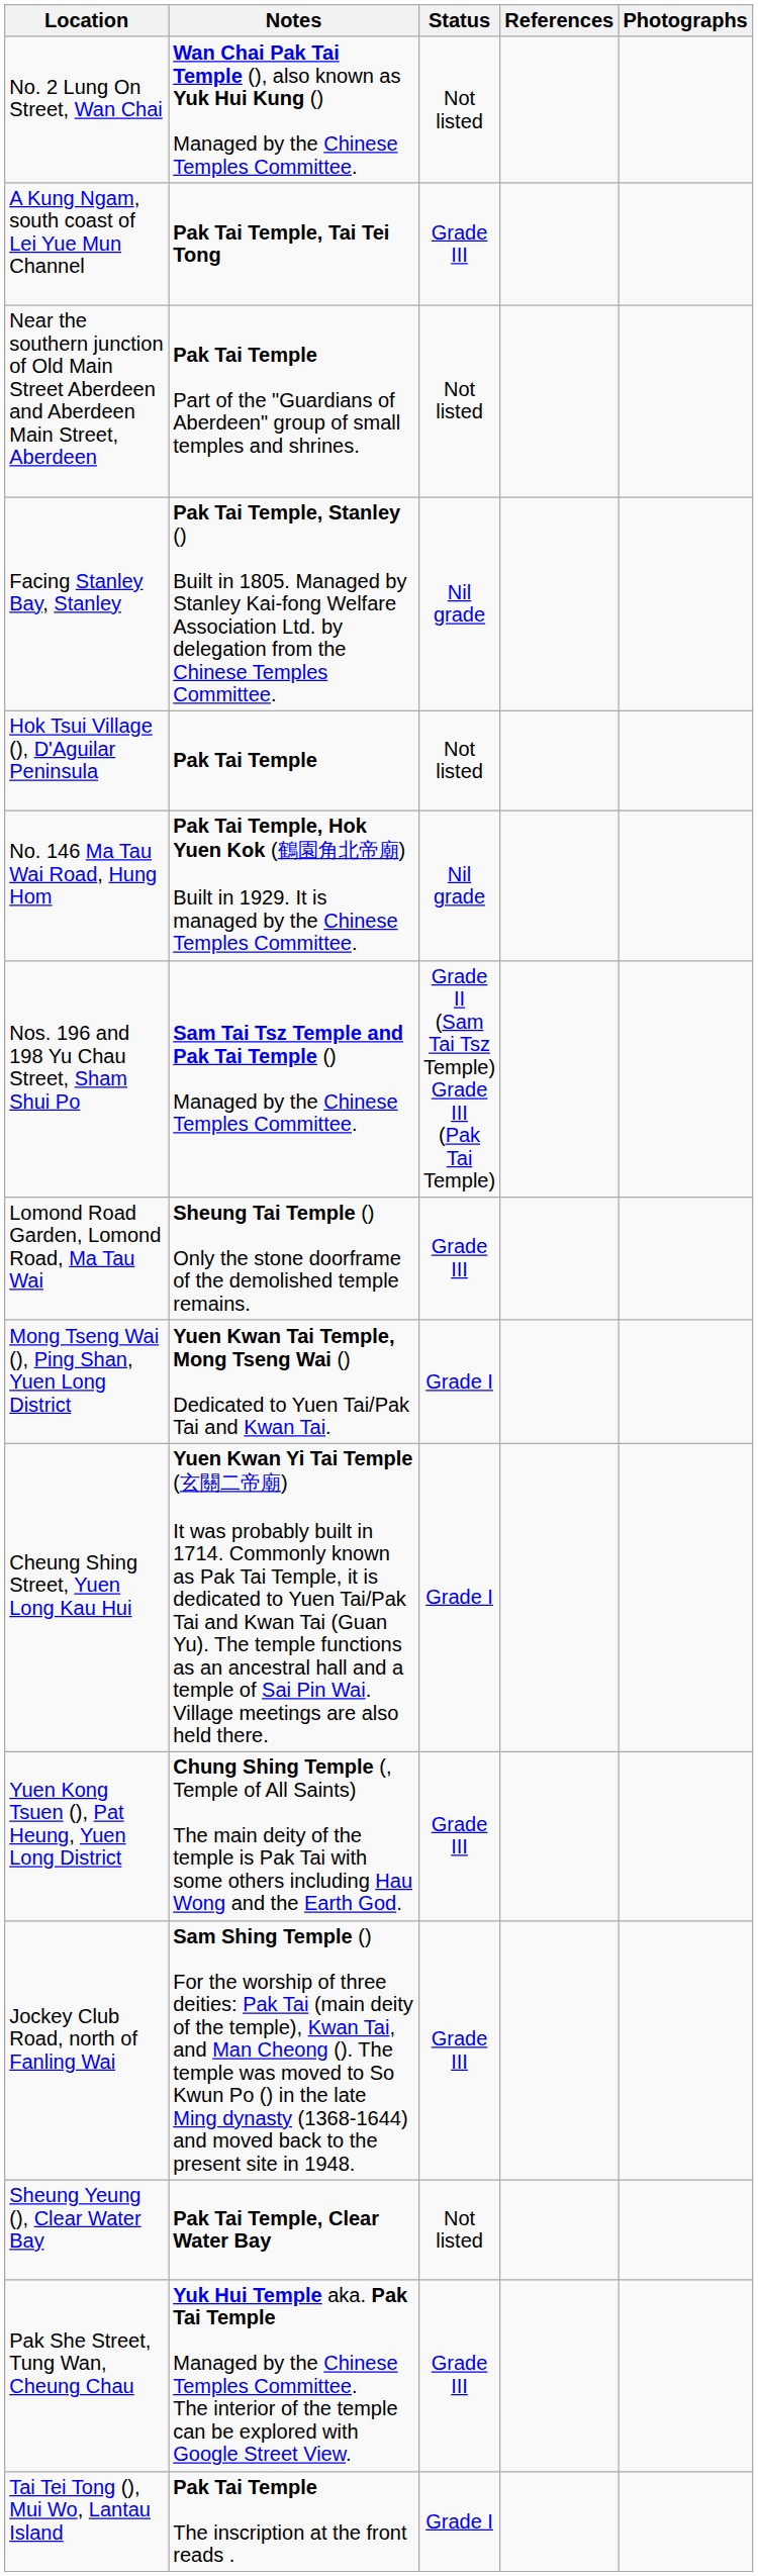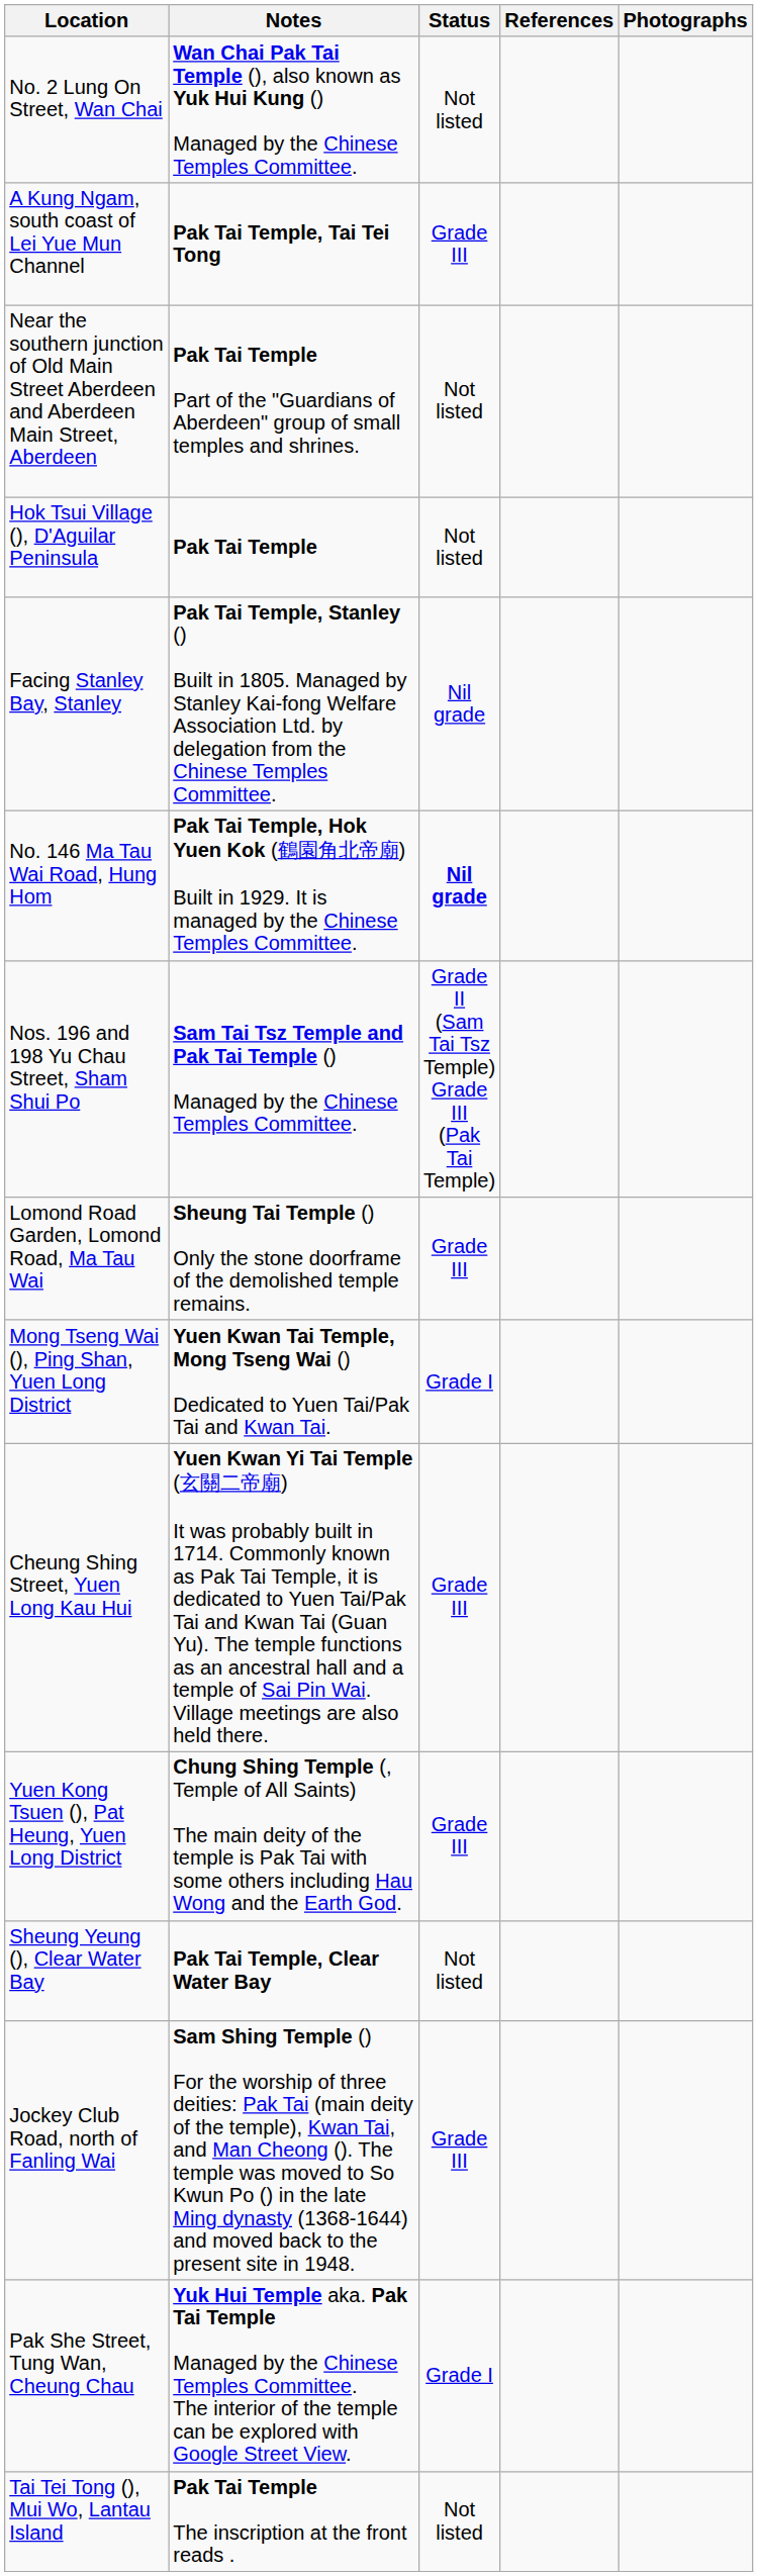 <table class="wikitable sortable" style="width:95%">
 <tr>
 <th width="25%">Location</th>
 <th width="40%">Notes</th>
 <th width="10%">Status</th>
 <th width="10%">References</th>
 <th width="15%">Photographs</th>
 </tr>
 <tr>
 <td>No. 2 Lung On Street, <a href='#'>Wan Chai</a><br><br></td>
 <td><strong><a href='#'>Wan Chai Pak Tai Temple</a></strong> (), also known as <strong>Yuk Hui Kung</strong> ()<br><br>Managed by the <a href='#'>Chinese Temples Committee</a>.</td>
 <td style="text-align:center">Not listed</td>
 <td>  </td>
 <td></td>
 </tr>
 <tr>
 <td><a href='#'>A Kung Ngam</a>, south coast of <a href='#'>Lei Yue Mun</a> Channel<br><br></td>
 <td><strong>Pak Tai Temple, Tai Tei Tong</strong></td>
 <td style="text-align:center"><a href='#'>Grade III</a></td>
 <td>   </td>
 <td></td>
 </tr>
 <tr>
 <td>Near the southern junction of Old Main Street Aberdeen and Aberdeen Main Street, <a href='#'>Aberdeen</a><br><br></td>
 <td><strong>Pak Tai Temple</strong><br><br>Part of the "Guardians of Aberdeen" group of small temples and shrines.</td>
 <td style="text-align:center">Not listed</td>
 <td> </td>
 <td></td>
 </tr>
 <tr>
+<td><a href='#'>Hok Tsui Village</a> (), <a href='#'>D'Aguilar Peninsula</a><br><br></td>
+<td><strong>Pak Tai Temple</strong></td>
+<td style="text-align:center">Not listed</td>
+<td></td>
+<td></td>
+</tr>
+<tr>
 <td>Facing <a href='#'>Stanley Bay</a>, <a href='#'>Stanley</a><br><br></td>
 <td><strong>Pak Tai Temple, Stanley</strong> ()<br><br>Built in 1805. Managed by Stanley Kai-fong Welfare Association Ltd. by delegation from the <a href='#'>Chinese Temples Committee</a>.</td>
 <td style="text-align:center"><a href='#'>Nil grade</a></td>
 <td>      </td>
 <td></td>
 </tr>
 <tr>
-<td><a href='#'>Hok Tsui Village</a> (), <a href='#'>D'Aguilar Peninsula</a><br><br></td>
-<td><strong>Pak Tai Temple</strong></td>
-<td style="text-align:center">Not listed</td>
-<td></td>
-<td></td>
-</tr>
-<tr>
 <td>No. 146 <a href='#'>Ma Tau Wai Road</a>, <a href='#'>Hung Hom</a><br><br></td>
 <td><strong>Pak Tai Temple, Hok Yuen Kok</strong> (<a href='#'>鶴園角北帝廟</a>)<br><br>Built in 1929. It is managed by the <a href='#'>Chinese Temples Committee</a>.</td>
-<td style="text-align:center"><a href='#'>Nil grade</a></td>
+<td style="text-align:center"><strong><a href='#'>Nil grade</a></strong></td>
 <td>  </td>
 <td></td>
 </tr>
 <tr>
 <td>Nos. 196 and 198 Yu Chau Street, <a href='#'>Sham Shui Po</a><br><br></td>
 <td><strong><a href='#'>Sam Tai Tsz Temple and Pak Tai Temple</a></strong> ()<br><br>Managed by the <a href='#'>Chinese Temples Committee</a>.</td>
 <td style="text-align:center"><a href='#'>Grade II</a><br>(<a href='#'>Sam Tai Tsz</a> Temple)<br><a href='#'>Grade III</a><br>(<a href='#'>Pak Tai</a> Temple)</td>
 <td>     </td>
 <td></td>
 </tr>
 <tr>
 <td>Lomond Road Garden, Lomond Road, <a href='#'>Ma Tau Wai</a><br><br></td>
 <td><strong>Sheung Tai Temple</strong> ()<br><br>Only the stone doorframe of the demolished temple remains.</td>
 <td style="text-align:center"><a href='#'>Grade III</a></td>
 <td>  </td>
 <td></td>
 </tr>
 <tr>
 <td><a href='#'>Mong Tseng Wai</a> (), <a href='#'>Ping Shan</a>, <a href='#'>Yuen Long District</a><br><br></td>
 <td><strong>Yuen Kwan Tai Temple, Mong Tseng Wai</strong> ()<br><br>Dedicated to Yuen Tai/Pak Tai and <a href='#'>Kwan Tai</a>.</td>
 <td style="text-align:center"><a href='#'>Grade I</a></td>
 <td>  </td>
 <td></td>
 </tr>
 <tr>
 <td>Cheung Shing Street, <a href='#'>Yuen Long Kau Hui</a><br><br></td>
 <td><strong>Yuen Kwan Yi Tai Temple</strong> (<a href='#'>玄關二帝廟</a>)<br><br>It was probably built in 1714. Commonly known as Pak Tai Temple, it is dedicated to Yuen Tai/Pak Tai and Kwan Tai (Guan Yu). The temple functions as an ancestral hall and a temple of <a href='#'>Sai Pin Wai</a>. Village meetings are also held there.</td>
-<td style="text-align:center"><a href='#'>Grade I</a></td>
+<td style="text-align:center"><a href='#'>Grade III</a></td>
 <td> </td>
 <td></td>
 </tr>
 <tr>
 <td><a href='#'>Yuen Kong Tsuen</a> (), <a href='#'>Pat Heung</a>, <a href='#'>Yuen Long District</a><br><br></td>
 <td><strong>Chung Shing Temple</strong> (, Temple of All Saints)<br><br>The main deity of the temple is Pak Tai with some others including <a href='#'>Hau Wong</a> and the <a href='#'>Earth God</a>.</td>
 <td style="text-align:center"><a href='#'>Grade III</a></td>
 <td>  </td>
 <td></td>
 </tr>
 <tr>
+<td><a href='#'>Sheung Yeung</a> (), <a href='#'>Clear Water Bay</a><br><br></td>
+<td><strong>Pak Tai Temple, Clear Water Bay</strong></td>
+<td style="text-align:center">Not listed</td>
+<td></td>
+<td></td>
+</tr>
+<tr>
 <td>Jockey Club Road, north of <a href='#'>Fanling Wai</a><br><br></td>
 <td><strong>Sam Shing Temple</strong> ()<br><br>For the worship of three deities: <a href='#'>Pak Tai</a> (main deity of the temple), <a href='#'>Kwan Tai</a>, and <a href='#'>Man Cheong</a> (). The temple was moved to So Kwun Po () in the late <a href='#'>Ming dynasty</a> (1368-1644) and moved back to the present site in 1948.</td>
 <td style="text-align:center"><a href='#'>Grade III</a></td>
 <td> </td>
 <td></td>
 </tr>
 <tr>
-<td><a href='#'>Sheung Yeung</a> (), <a href='#'>Clear Water Bay</a><br><br></td>
-<td><strong>Pak Tai Temple, Clear Water Bay</strong></td>
-<td style="text-align:center">Not listed</td>
-<td></td>
-<td></td>
-</tr>
-<tr>
 <td>Pak She Street, Tung Wan, <a href='#'>Cheung Chau</a><br><br></td>
 <td><strong><a href='#'>Yuk Hui Temple</a></strong> aka. <strong>Pak Tai Temple</strong><br><br>Managed by the <a href='#'>Chinese Temples Committee</a>.<br> The interior of the temple can be explored with <a href='#'>Google Street View</a>.</td>
-<td style="text-align:center"><a href='#'>Grade III</a></td>
+<td style="text-align:center"><a href='#'>Grade I</a></td>
 <td>     </td>
 <td></td>
 </tr>
 <tr>
 <td><a href='#'>Tai Tei Tong</a> (), <a href='#'>Mui Wo</a>, <a href='#'>Lantau Island</a><br><br></td>
 <td><strong>Pak Tai Temple</strong><br><br>The inscription at the front reads .</td>
-<td style="text-align:center"><a href='#'>Grade I</a></td>
+<td style="text-align:center">Not listed</td>
 <td>  </td>
 <td></td>
 </tr>
 <tr>
 </tr>
 </table>
